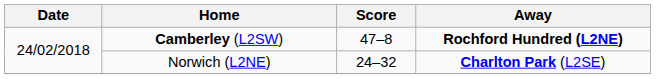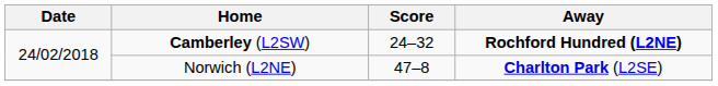 <table class="wikitable" style="text-align: center">
 <tr>
 <th width=100>Date</th>
 <th width=250>Home</th>
 <th width=80>Score</th>
 <th width=250>Away</th>
 </tr>
 <tr>
 <td rowspan=2>24/02/2018</td>
 <td><strong>Camberley</strong> (<a href='#'>L2SW</a>)</td>
-<td>47–8</td>
+<td>24–32</td>
 <td><strong>Rochford Hundred (<a href='#'>L2NE</a>)</strong></td>
 </tr>
 <tr>
 <td>Norwich (<a href='#'>L2NE</a>)</td>
-<td>24–32</td>
+<td>47–8</td>
 <td><strong><a href='#'>Charlton Park</a></strong> (<a href='#'>L2SE</a>)</td>
 </tr>
 <tr>
 </tr>
 </table>
